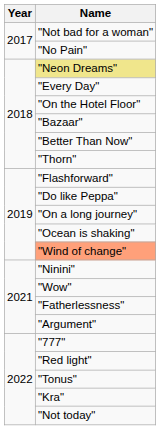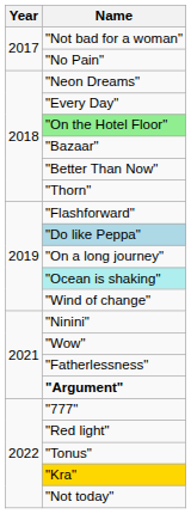 <table class="wikitable">
 <tr>
 <th>Year</th>
 <th>Name</th>
 </tr>
 <tr>
 <td rowspan="2">2017</td>
 <td>"Not bad for a woman"</td>
 </tr>
 <tr>
 <td>"No Pain"</td>
 </tr>
 <tr>
 <td rowspan="6">2018</td>
-<td style="background: khaki;">"Neon Dreams"</td>
+<td>"Neon Dreams"</td>
 </tr>
 <tr>
 <td>"Every Day"</td>
 </tr>
 <tr>
-<td>"On the Hotel Floor"</td>
+<td style="background: lightgreen;">"On the Hotel Floor"</td>
 </tr>
 <tr>
 <td>"Bazaar"</td>
 </tr>
 <tr>
 <td>"Better Than Now"</td>
 </tr>
 <tr>
 <td>"Thorn"</td>
 </tr>
 <tr>
 <td rowspan="5">2019</td>
 <td>"Flashforward"</td>
 </tr>
 <tr>
-<td>"Do like Peppa"</td>
+<td style="background: lightblue;">"Do like Peppa"</td>
 </tr>
 <tr>
 <td>"On a long journey"</td>
 </tr>
 <tr>
-<td>"Ocean is shaking"</td>
+<td style="background: paleturquoise;">"Ocean is shaking"</td>
 </tr>
 <tr>
-<td style="background: lightsalmon;">"Wind of change"</td>
+<td>"Wind of change"</td>
 </tr>
 <tr>
 <td rowspan="4">2021</td>
 <td>"Ninini"</td>
 </tr>
 <tr>
 <td>"Wow"</td>
 </tr>
 <tr>
 <td>"Fatherlessness"</td>
 </tr>
 <tr>
-<td>"Argument"</td>
+<td><strong>"Argument"</strong></td>
 </tr>
 <tr>
 <td rowspan="5">2022</td>
 <td>"777"</td>
 </tr>
 <tr>
 <td>"Red light"</td>
 </tr>
 <tr>
 <td>"Tonus"</td>
 </tr>
 <tr>
-<td>"Kra"</td>
+<td style="background: gold;">"Kra"</td>
 </tr>
 <tr>
 <td>"Not today"</td>
 </tr>
 </table>
